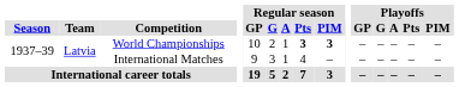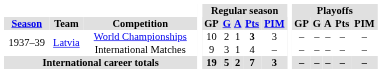 <table BORDER="0" CELLPADDING="1" CELLSPACING="0" width="65%" style="text-align:center">
 <tr bgcolor="#e0e0e0">
 <th colspan="3" bgcolor="#ffffff"> </th>
 <th rowspan="99" bgcolor="#ffffff"> </th>
 <th colspan="5">Regular season</th>
 <th rowspan="99" bgcolor="#ffffff"> </th>
 <th colspan="5">Playoffs</th>
 </tr>
 <tr bgcolor="#e0e0e0">
 <th><a href='#'>Season</a></th>
 <th>Team</th>
 <th>Competition</th>
 <th>GP</th>
 <th><a href='#'>G</a></th>
 <th><a href='#'>A</a></th>
 <th><a href='#'>Pts</a></th>
 <th><a href='#'>PIM</a></th>
 <th>GP</th>
 <th>G</th>
 <th>A</th>
 <th>Pts</th>
 <th>PIM</th>
 </tr>
 <tr ALIGN="center">
 <td rowspan="2">1937–39</td>
 <td rowspan="2"><a href='#'>Latvia</a></td>
 <td><a href='#'>World Championships</a></td>
 <td>10</td>
 <td>2</td>
 <td>1</td>
 <td><strong>3</strong></td>
-<td><strong>3</strong></td>
+<td>3</td>
 <td>–</td>
 <td>–</td>
 <td>–</td>
 <td>–</td>
 <td>–</td>
 </tr>
 <tr>
 <td>International Matches</td>
 <td>9</td>
 <td>3</td>
 <td>1</td>
 <td>4</td>
 <td>–</td>
 <td>–</td>
 <td>–</td>
 <td>–</td>
 <td>–</td>
 <td>–</td>
 </tr>
 <tr ALIGN="center" bgcolor="#e0e0e0">
 <th colspan="3" align="center">International career totals</th>
 <th>19</th>
 <th>5</th>
 <th>2</th>
 <th>7</th>
 <th>3</th>
 <th>–</th>
 <th>–</th>
 <th>–</th>
 <th>–</th>
 <th>–</th>
 </tr>
 </table>
